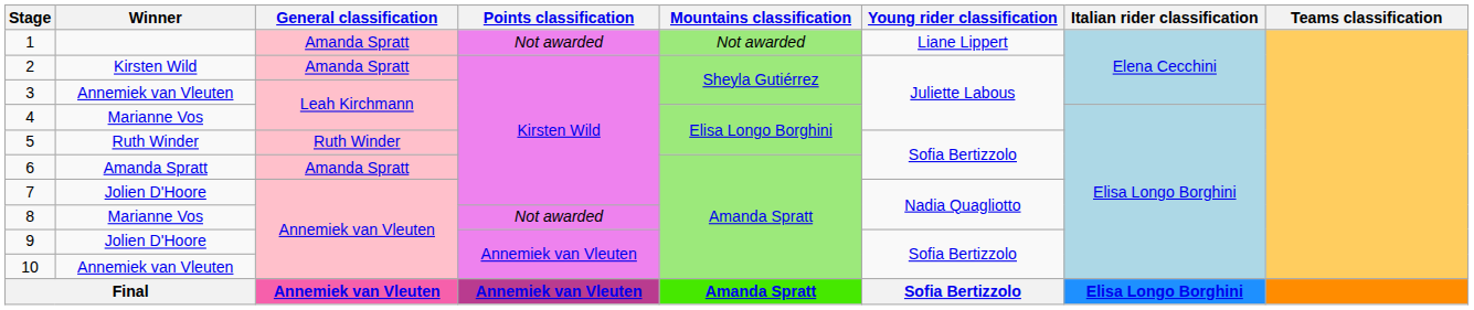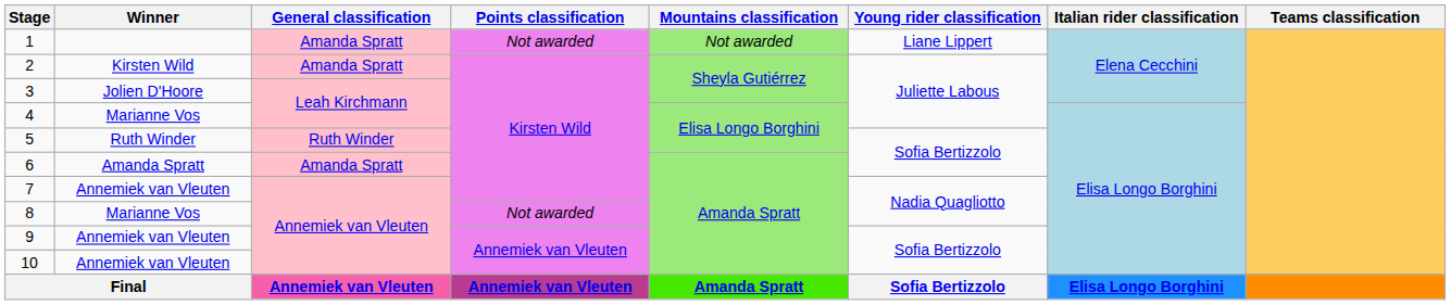 <table class="wikitable" style="text-align: center; font-size:smaller;">
 <tr style="background-color: #efefef;">
 <th width="2%">Stage</th>
 <th width="14%">Winner</th>
 <th width="14%"><a href='#'>General classification</a><br></th>
 <th width="14%"><a href='#'>Points classification</a><br></th>
 <th width="14%"><a href='#'>Mountains classification</a><br></th>
 <th width="14%"><a href='#'>Young rider classification</a><br></th>
 <th width="14%">Italian rider classification<br></th>
 <th width="14%">Teams classification<br></th>
 </tr>
 <tr>
 <td scope=row>1</td>
 <td></td>
 <td style="background:pink;"><a href='#'>Amanda Spratt</a></td>
 <td style="background:violet;"><em>Not awarded</em></td>
 <td style="background:#9CE97B;"><em>Not awarded</em></td>
 <td style="background:offwhite;"><a href='#'>Liane Lippert</a></td>
 <td style="background:lightblue;" rowspan="3"><a href='#'>Elena Cecchini</a></td>
 <td style="background:#FFCD5F;" rowspan="10"></td>
 </tr>
 <tr>
 <td>2</td>
 <td><a href='#'>Kirsten Wild</a></td>
 <td style="background:pink;"><a href='#'>Amanda Spratt</a></td>
 <td style="background:violet;" rowspan=6><a href='#'>Kirsten Wild</a></td>
 <td style="background:#9CE97B;" rowspan=2><a href='#'>Sheyla Gutiérrez</a></td>
 <td style="background:offwhite;" rowspan=3><a href='#'>Juliette Labous</a></td>
 </tr>
 <tr>
 <td scope=row>3</td>
-<td><a href='#'>Annemiek van Vleuten</a></td>
+<td><a href='#'>Jolien D'Hoore</a></td>
 <td style="background:pink;" rowspan=2><a href='#'>Leah Kirchmann</a></td>
 </tr>
 <tr>
 <td scope=row>4</td>
 <td><a href='#'>Marianne Vos</a></td>
 <td style="background:#9CE97B;" rowspan=2><a href='#'>Elisa Longo Borghini</a></td>
 <td style="background:lightblue;" rowspan=7><a href='#'>Elisa Longo Borghini</a></td>
 </tr>
 <tr>
 <td scope=row>5</td>
 <td><a href='#'>Ruth Winder</a></td>
 <td style="background:pink;"><a href='#'>Ruth Winder</a></td>
 <td style="background:offwhite;" rowspan=2><a href='#'>Sofia Bertizzolo</a></td>
 </tr>
 <tr>
 <td scope=row>6</td>
 <td><a href='#'>Amanda Spratt</a></td>
 <td style="background:pink;"><a href='#'>Amanda Spratt</a></td>
 <td style="background:#9CE97B;" rowspan=5><a href='#'>Amanda Spratt</a></td>
 </tr>
 <tr>
 <td scope=row>7</td>
-<td><a href='#'>Jolien D'Hoore</a></td>
+<td><a href='#'>Annemiek van Vleuten</a></td>
 <td style="background:pink;" rowspan=4><a href='#'>Annemiek van Vleuten</a></td>
 <td style="background:offwhite;" rowspan=2><a href='#'>Nadia Quagliotto</a></td>
 </tr>
 <tr>
 <td scope=row>8</td>
 <td><a href='#'>Marianne Vos</a></td>
 <td style="background:violet;"><em>Not awarded</em></td>
 </tr>
 <tr>
 <td scope=row>9</td>
-<td><a href='#'>Jolien D'Hoore</a></td>
+<td><a href='#'>Annemiek van Vleuten</a></td>
 <td style="background:violet;" rowspan=2><a href='#'>Annemiek van Vleuten</a></td>
 <td style="background:offwhite;" rowspan=2><a href='#'>Sofia Bertizzolo</a></td>
 </tr>
 <tr>
 <td scope=row>10</td>
 <td><a href='#'>Annemiek van Vleuten</a></td>
 </tr>
 <tr>
 <th colspan="2">Final</th>
 <th style="background:#F660AB;"><a href='#'>Annemiek van Vleuten</a></th>
 <th style="background:#B93B8F;"><a href='#'>Annemiek van Vleuten</a></th>
 <th style="background:#46E800;"><a href='#'>Amanda Spratt</a></th>
 <th style="background:offwhite;"><a href='#'>Sofia Bertizzolo</a></th>
 <th style="background:dodgerblue;"><a href='#'>Elisa Longo Borghini</a></th>
 <th style="background:#FF8C00;"></th>
 </tr>
 </table>
